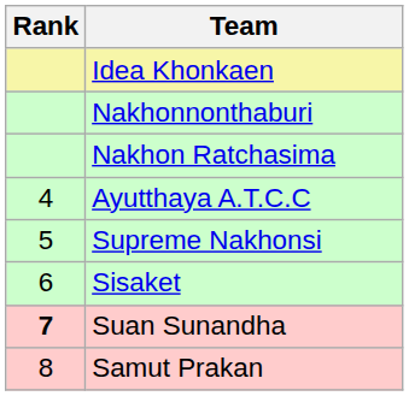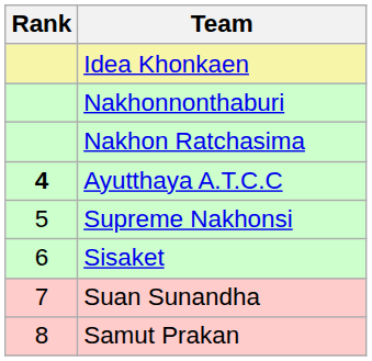 <table class="wikitable" style="text-align: center;">
 <tr>
 <th width=40>Rank</th>
 <th width=180>Team</th>
 </tr>
 <tr bgcolor=#F7f6a8>
 <td></td>
 <td align="left"><a href='#'>Idea Khonkaen</a></td>
 </tr>
 <tr bgcolor=#CCFFCC>
 <td></td>
 <td align="left"><a href='#'>Nakhonnonthaburi</a></td>
 </tr>
 <tr bgcolor=#CCFFCC>
 <td></td>
 <td align="left"><a href='#'>Nakhon Ratchasima</a></td>
 </tr>
 <tr bgcolor=#CCFFCC>
-<td>4</td>
+<td><strong>4</strong></td>
 <td align="left"><a href='#'>Ayutthaya A.T.C.C</a></td>
 </tr>
 <tr bgcolor=#CCFFCC>
 <td>5</td>
 <td align="left"><a href='#'>Supreme Nakhonsi</a></td>
 </tr>
 <tr bgcolor=#CCFFCC>
 <td>6</td>
 <td align="left"><a href='#'>Sisaket</a></td>
 </tr>
 <tr bgcolor=#ffcccc>
-<td><strong>7</strong></td>
+<td>7</td>
 <td align="left">Suan Sunandha</td>
 </tr>
 <tr bgcolor=#ffcccc>
 <td>8</td>
 <td align="left">Samut Prakan</td>
 </tr>
 </table>
